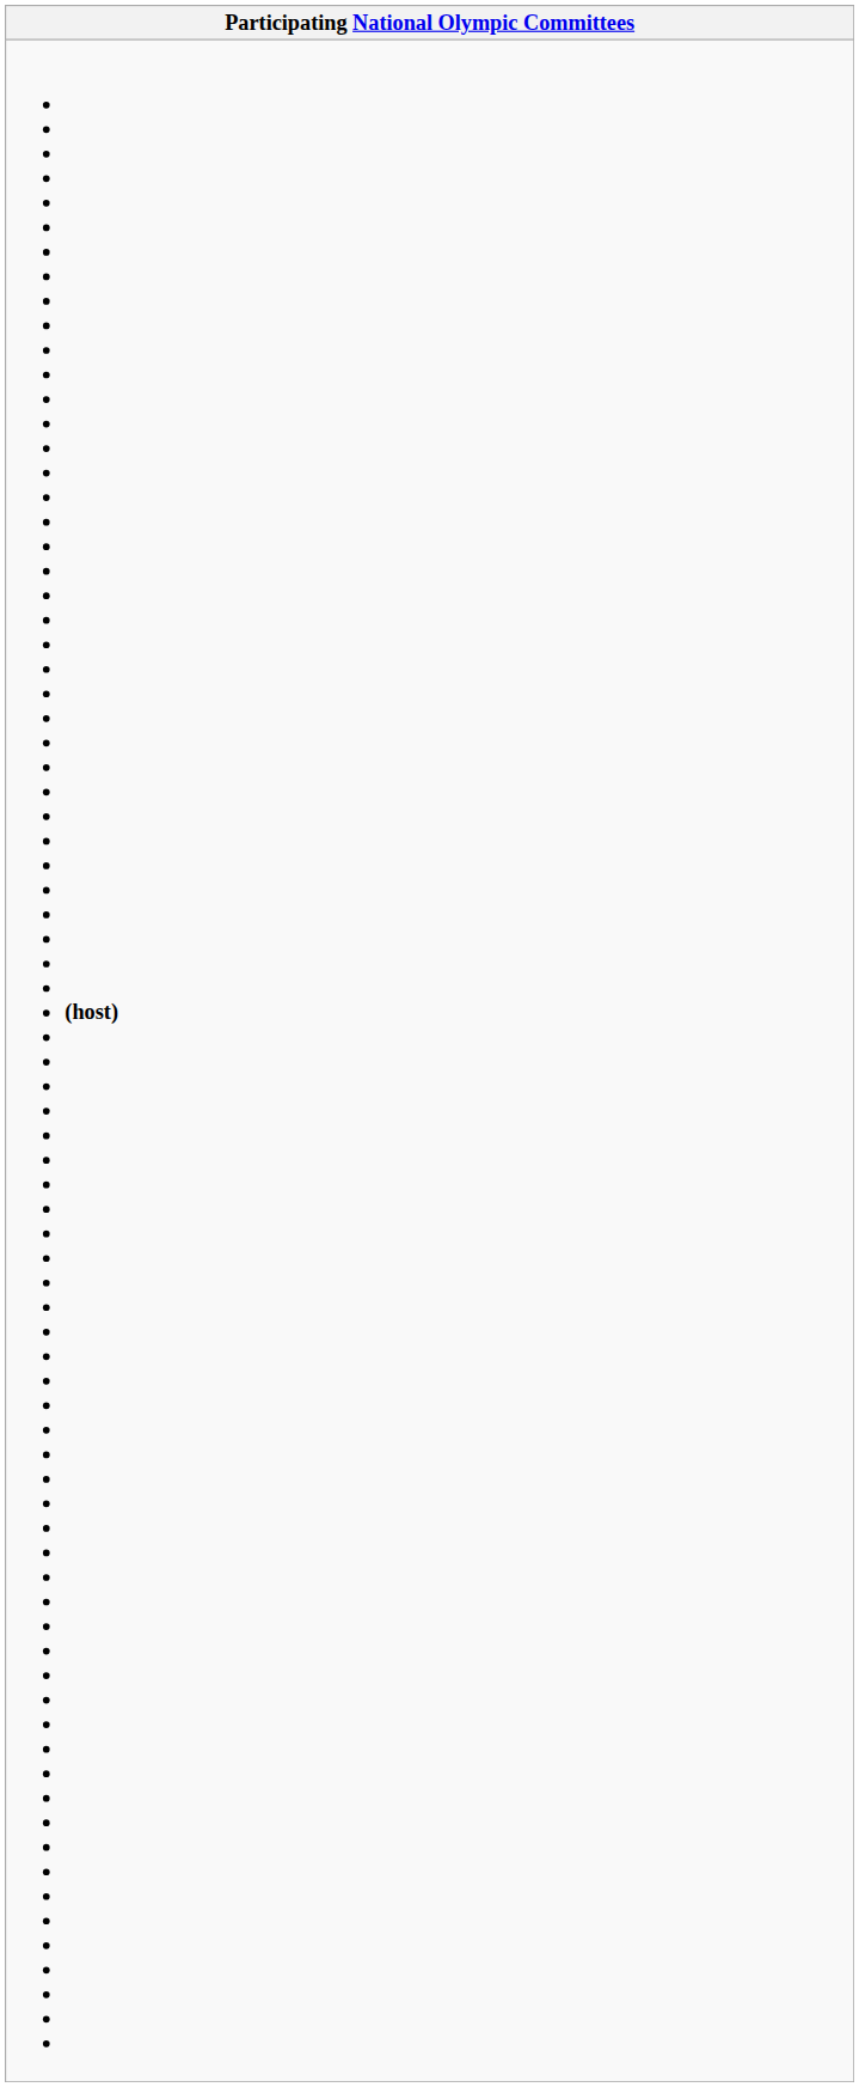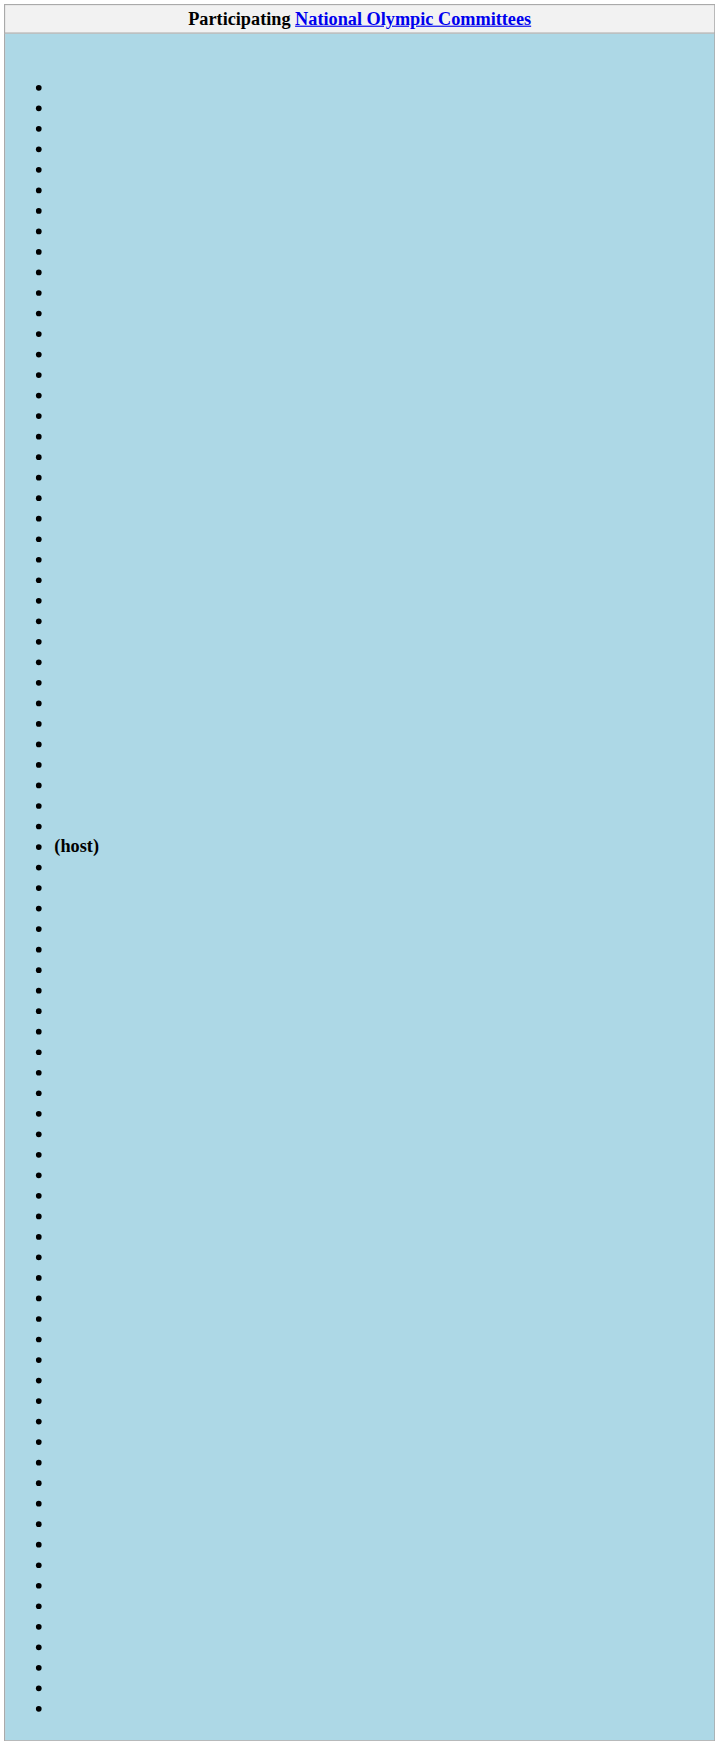 <table class="wikitable collapsible" style="width:100%;">
 <tr>
 <th>Participating <a href='#'>National Olympic Committees</a></th>
 </tr>
 <tr>
-<td><br><ul><li></li><li></li><li></li><li></li><li></li><li></li><li></li><li></li><li></li><li></li><li></li><li></li><li></li><li></li><li></li><li></li><li></li><li></li><li></li><li></li><li></li><li></li><li></li><li></li><li></li><li></li><li></li><li></li><li></li><li></li><li></li><li></li><li></li><li></li><li></li><li></li><li></li><li> <strong>(host)</strong></li><li></li><li></li><li></li><li></li><li></li><li></li><li></li><li></li><li></li><li></li><li></li><li></li><li></li><li></li><li></li><li></li><li></li><li></li><li></li><li></li><li></li><li></li><li></li><li></li><li></li><li></li><li></li><li></li><li></li><li></li><li></li><li></li><li></li><li></li><li></li><li></li><li></li><li></li><li></li><li></li><li></li><li></li></ul></td>
+<td style="background: lightblue;"><br><ul><li></li><li></li><li></li><li></li><li></li><li></li><li></li><li></li><li></li><li></li><li></li><li></li><li></li><li></li><li></li><li></li><li></li><li></li><li></li><li></li><li></li><li></li><li></li><li></li><li></li><li></li><li></li><li></li><li></li><li></li><li></li><li></li><li></li><li></li><li></li><li></li><li></li><li> <strong>(host)</strong></li><li></li><li></li><li></li><li></li><li></li><li></li><li></li><li></li><li></li><li></li><li></li><li></li><li></li><li></li><li></li><li></li><li></li><li></li><li></li><li></li><li></li><li></li><li></li><li></li><li></li><li></li><li></li><li></li><li></li><li></li><li></li><li></li><li></li><li></li><li></li><li></li><li></li><li></li><li></li><li></li><li></li><li></li></ul></td>
 </tr>
 </table>
